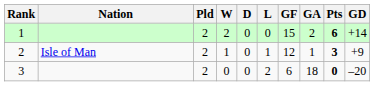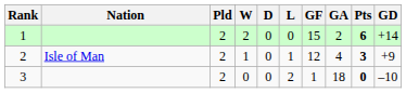 <table class="wikitable" style="text-align: center;">
 <tr>
 <th width=5>Rank</th>
 <th width=200>Nation</th>
 <th width=20>Pld</th>
 <th width=20>W</th>
 <th width=20>D</th>
 <th width=20>L</th>
 <th width=20>GF</th>
 <th width=20>GA</th>
 <th width=20>Pts</th>
 <th width=20>GD</th>
 </tr>
 <tr style="background:#ccffcc">
 <td>1</td>
 <td align=left></td>
 <td>2</td>
 <td>2</td>
 <td>0</td>
 <td>0</td>
 <td>15</td>
 <td>2</td>
 <td><strong>6</strong></td>
 <td>+14</td>
 </tr>
 <tr>
 <td>2</td>
 <td align=left> <a href='#'>Isle of Man</a></td>
 <td>2</td>
 <td>1</td>
 <td>0</td>
 <td>1</td>
 <td>12</td>
-<td>1</td>
+<td>4</td>
 <td><strong>3</strong></td>
 <td>+9</td>
 </tr>
 <tr>
 <td>3</td>
 <td align=left></td>
 <td>2</td>
 <td>0</td>
 <td>0</td>
 <td>2</td>
-<td>6</td>
+<td>1</td>
 <td>18</td>
 <td><strong>0</strong></td>
-<td>–20</td>
+<td>–10</td>
 </tr>
 </table>
